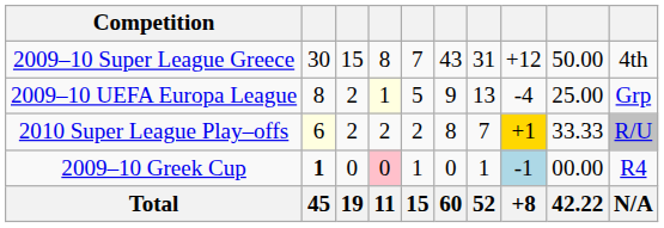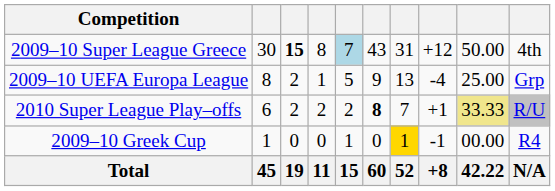 <table class="wikitable" style="text-align:center">
 <tr>
 <th>Competition</th>
 <th></th>
 <th></th>
 <th></th>
 <th></th>
 <th></th>
 <th></th>
 <th></th>
 <th></th>
 <th></th>
 </tr>
 <tr>
 <td><a href='#'>2009–10 Super League Greece</a></td>
 <td>30</td>
-<td>15</td>
+<td><strong>15</strong></td>
 <td>8</td>
-<td>7</td>
+<td style="background: lightblue;">7</td>
 <td>43</td>
 <td>31</td>
 <td>+12</td>
 <td>50.00</td>
 <td>4th</td>
 </tr>
 <tr>
 <td><a href='#'>2009–10 UEFA Europa League</a></td>
 <td>8</td>
 <td>2</td>
-<td style="background: lightyellow;">1</td>
+<td>1</td>
 <td>5</td>
 <td>9</td>
 <td>13</td>
 <td>-4</td>
 <td>25.00</td>
 <td><a href='#'>Grp</a></td>
 </tr>
 <tr>
 <td><a href='#'>2010 Super League Play–offs</a></td>
-<td style="background: lightyellow;">6</td>
+<td>6</td>
 <td>2</td>
 <td>2</td>
 <td>2</td>
-<td>8</td>
+<td><strong>8</strong></td>
 <td>7</td>
-<td style="background: gold;">+1</td>
-<td>33.33</td>
+<td>+1</td>
+<td style="background: khaki;">33.33</td>
 <td bgcolor=#C0C0C0><a href='#'>R/U</a></td>
 </tr>
 <tr>
 <td><a href='#'>2009–10 Greek Cup</a></td>
-<td><strong>1</strong></td>
-<td>0</td>
-<td style="background: pink;">0</td>
 <td>1</td>
 <td>0</td>
+<td>0</td>
 <td>1</td>
-<td style="background: lightblue;">-1</td>
+<td>0</td>
+<td style="background: gold;">1</td>
+<td>-1</td>
 <td>00.00</td>
 <td><a href='#'>R4</a></td>
 </tr>
 <tr>
 <th>Total</th>
 <th>45</th>
 <th>19</th>
 <th>11</th>
 <th>15</th>
 <th>60</th>
 <th>52</th>
 <th>+8</th>
 <th>42.22</th>
 <th>N/A</th>
 </tr>
 </table>
